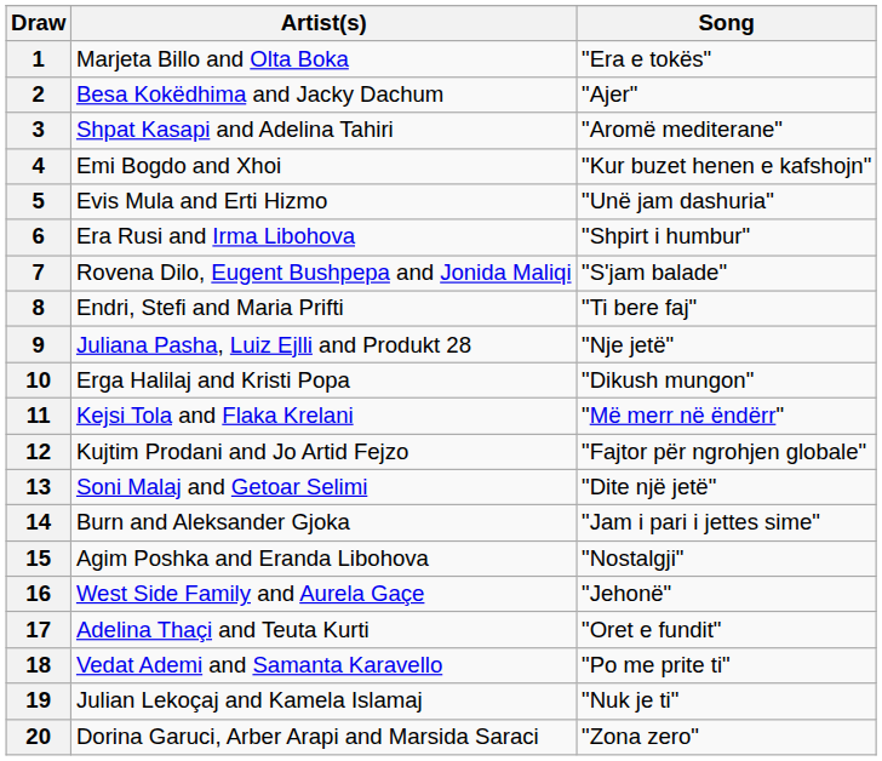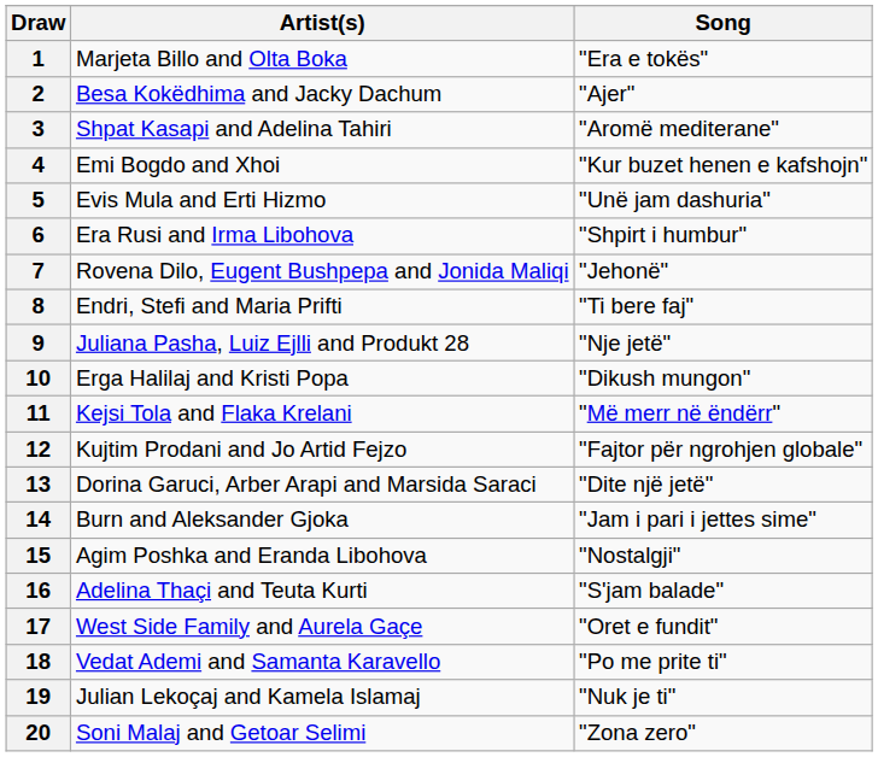 <table class="sortable wikitable plainrowheaders" style="margin: 1em auto 1em auto; text-align:left">
 <tr>
 </tr>
 <tr>
 <th scope="col">Draw</th>
 <th scope="col">Artist(s)</th>
 <th scope="col">Song</th>
 </tr>
 <tr>
 <th scope="row" style="text-align:center;">1</th>
 <td>Marjeta Billo and <a href='#'>Olta Boka</a></td>
 <td>"Era e tokës"</td>
 </tr>
 <tr>
 <th scope="row" style="text-align:center;">2</th>
 <td><a href='#'>Besa Kokëdhima</a> and Jacky Dachum</td>
 <td>"Ajer"</td>
 </tr>
 <tr>
 <th scope="row" style="text-align:center;">3</th>
 <td><a href='#'>Shpat Kasapi</a> and Adelina Tahiri</td>
 <td>"Aromë mediterane"</td>
 </tr>
 <tr>
 <th scope="row" style="text-align:center;">4</th>
 <td>Emi Bogdo and Xhoi</td>
 <td>"Kur buzet henen e kafshojn"</td>
 </tr>
 <tr>
 <th scope="row" style="text-align:center;">5</th>
 <td>Evis Mula and Erti Hizmo</td>
 <td>"Unë jam dashuria"</td>
 </tr>
 <tr>
 <th scope="row" style="text-align:center;">6</th>
 <td>Era Rusi and <a href='#'>Irma Libohova</a></td>
 <td>"Shpirt i humbur"</td>
 </tr>
 <tr>
 <th scope="row" style="text-align:center;">7</th>
 <td>Rovena Dilo, <a href='#'>Eugent Bushpepa</a> and <a href='#'>Jonida Maliqi</a></td>
-<td>"S'jam balade"</td>
+<td>"Jehonë"</td>
 </tr>
 <tr>
 <th scope="row" style="text-align:center;">8</th>
 <td>Endri, Stefi and Maria Prifti</td>
 <td>"Ti bere faj"</td>
 </tr>
 <tr>
 <th scope="row" style="text-align:center;">9</th>
 <td><a href='#'>Juliana Pasha</a>, <a href='#'>Luiz Ejlli</a> and Produkt 28</td>
 <td>"Nje jetë"</td>
 </tr>
 <tr>
 <th scope="row" style="text-align:center;">10</th>
 <td>Erga Halilaj and Kristi Popa</td>
 <td>"Dikush mungon"</td>
 </tr>
 <tr>
 <th scope="row" style="text-align:center;">11</th>
 <td><a href='#'>Kejsi Tola</a> and <a href='#'>Flaka Krelani</a></td>
 <td>"<a href='#'>Më merr në ëndërr</a>"</td>
 </tr>
 <tr>
 <th scope="row" style="text-align:center;">12</th>
 <td>Kujtim Prodani and Jo Artid Fejzo</td>
 <td>"Fajtor për ngrohjen globale"</td>
 </tr>
 <tr>
 <th scope="row" style="text-align:center;">13</th>
-<td><a href='#'>Soni Malaj</a> and <a href='#'>Getoar Selimi</a></td>
+<td>Dorina Garuci, Arber Arapi and Marsida Saraci</td>
 <td>"Dite një jetë"</td>
 </tr>
 <tr>
 <th scope="row" style="text-align:center;">14</th>
 <td>Burn and Aleksander Gjoka</td>
 <td>"Jam i pari i jettes sime"</td>
 </tr>
 <tr>
 <th scope="row" style="text-align:center;">15</th>
 <td>Agim Poshka and Eranda Libohova</td>
 <td>"Nostalgji"</td>
 </tr>
 <tr>
 <th scope="row" style="text-align:center;">16</th>
-<td><a href='#'>West Side Family</a> and <a href='#'>Aurela Gaçe</a></td>
-<td>"Jehonë"</td>
+<td><a href='#'>Adelina Thaçi</a> and Teuta Kurti</td>
+<td>"S'jam balade"</td>
 </tr>
 <tr>
 <th scope="row" style="text-align:center;">17</th>
-<td><a href='#'>Adelina Thaçi</a> and Teuta Kurti</td>
+<td><a href='#'>West Side Family</a> and <a href='#'>Aurela Gaçe</a></td>
 <td>"Oret e fundit"</td>
 </tr>
 <tr>
 <th scope="row" style="text-align:center;">18</th>
 <td><a href='#'>Vedat Ademi</a> and <a href='#'>Samanta Karavello</a></td>
 <td>"Po me prite ti"</td>
 </tr>
 <tr>
 <th scope="row" style="text-align:center;">19</th>
 <td>Julian Lekoçaj and Kamela Islamaj</td>
 <td>"Nuk je ti"</td>
 </tr>
 <tr>
 <th scope="row" style="text-align:center;">20</th>
-<td>Dorina Garuci, Arber Arapi and Marsida Saraci</td>
+<td><a href='#'>Soni Malaj</a> and <a href='#'>Getoar Selimi</a></td>
 <td>"Zona zero"</td>
 </tr>
 </table>
